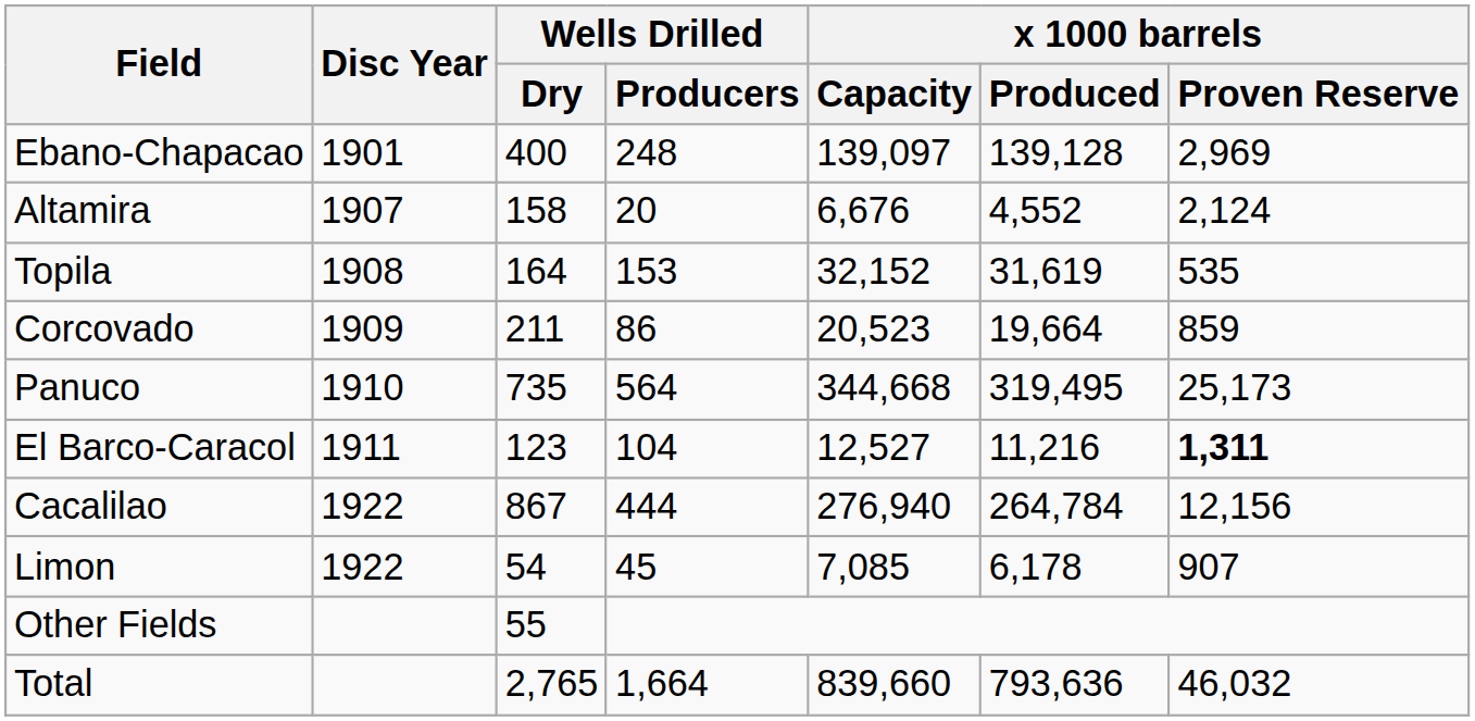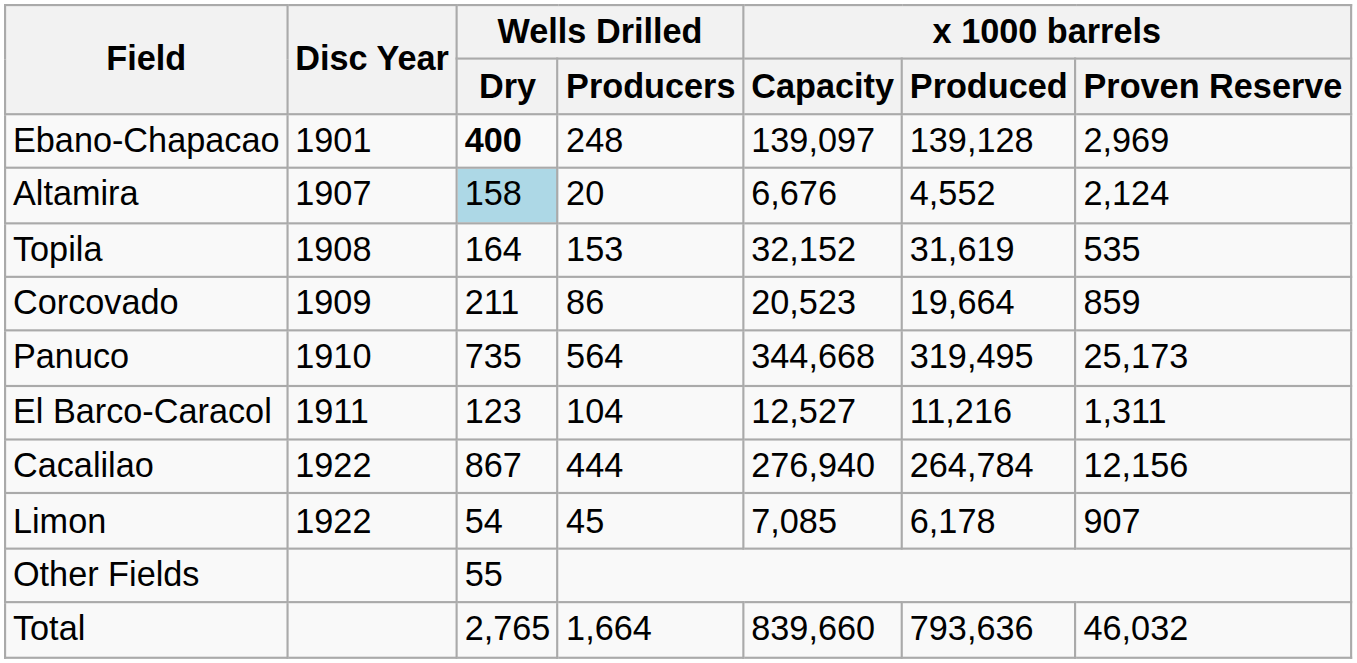 <table class="wikitable defaultright">
 <tr>
 <th rowspan=2>Field</th>
 <th rowspan=2>Disc Year</th>
 <th colspan=2>Wells Drilled</th>
 <th colspan=3>x 1000 barrels</th>
 </tr>
 <tr>
 <th>Dry</th>
 <th>Producers</th>
 <th>Capacity</th>
 <th>Produced</th>
 <th>Proven Reserve</th>
 </tr>
 <tr>
 <td>Ebano-Chapacao</td>
 <td>1901</td>
-<td>400</td>
+<td><strong>400</strong></td>
 <td>248</td>
 <td>139,097</td>
 <td>139,128</td>
 <td>2,969</td>
 </tr>
 <tr>
 <td>Altamira</td>
 <td>1907</td>
-<td>158</td>
+<td style="background: lightblue;">158</td>
 <td>20</td>
 <td>6,676</td>
 <td>4,552</td>
 <td>2,124</td>
 </tr>
 <tr>
 <td>Topila</td>
 <td>1908</td>
 <td>164</td>
 <td>153</td>
 <td>32,152</td>
 <td>31,619</td>
 <td>535</td>
 </tr>
 <tr>
 <td>Corcovado</td>
 <td>1909</td>
 <td>211</td>
 <td>86</td>
 <td>20,523</td>
 <td>19,664</td>
 <td>859</td>
 </tr>
 <tr>
 <td>Panuco</td>
 <td>1910</td>
 <td>735</td>
 <td>564</td>
 <td>344,668</td>
 <td>319,495</td>
 <td>25,173</td>
 </tr>
 <tr>
 <td>El Barco-Caracol</td>
 <td>1911</td>
 <td>123</td>
 <td>104</td>
 <td>12,527</td>
 <td>11,216</td>
-<td><strong>1,311</strong></td>
+<td>1,311</td>
 </tr>
 <tr>
 <td>Cacalilao</td>
 <td>1922</td>
 <td>867</td>
 <td>444</td>
 <td>276,940</td>
 <td>264,784</td>
 <td>12,156</td>
 </tr>
 <tr>
 <td>Limon</td>
 <td>1922</td>
 <td>54</td>
 <td>45</td>
 <td>7,085</td>
 <td>6,178</td>
 <td>907</td>
 </tr>
 <tr>
 <td>Other Fields</td>
 <td></td>
 <td>55</td>
 </tr>
 <tr>
 <td>Total</td>
 <td></td>
 <td>2,765</td>
 <td>1,664</td>
 <td>839,660</td>
 <td>793,636</td>
 <td>46,032</td>
 </tr>
 </table>
